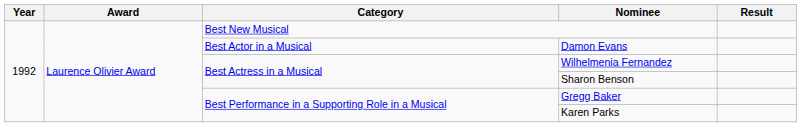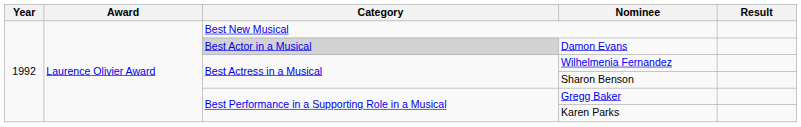 <table class="wikitable" width="95%">
 <tr>
 <th width="5%">Year</th>
 <th width="20%">Award</th>
 <th width="45%">Category</th>
 <th width="20%">Nominee</th>
 <th width="10%">Result</th>
 </tr>
 <tr>
 <td rowspan="6" align="center">1992</td>
 <td rowspan="6"><a href='#'>Laurence Olivier Award</a></td>
 <td colspan="2"><a href='#'>Best New Musical</a></td>
 <td></td>
 </tr>
 <tr>
-<td><a href='#'>Best Actor in a Musical</a></td>
+<td style="background: lightgrey;"><a href='#'>Best Actor in a Musical</a></td>
 <td><a href='#'>Damon Evans</a></td>
 <td></td>
 </tr>
 <tr>
 <td rowspan="2"><a href='#'>Best Actress in a Musical</a></td>
 <td><a href='#'>Wilhelmenia Fernandez</a></td>
 <td></td>
 </tr>
 <tr>
 <td>Sharon Benson</td>
 <td></td>
 </tr>
 <tr>
 <td rowspan="2"><a href='#'>Best Performance in a Supporting Role in a Musical</a></td>
 <td><a href='#'>Gregg Baker</a></td>
 <td></td>
 </tr>
 <tr>
 <td>Karen Parks</td>
 <td></td>
 </tr>
 </table>
